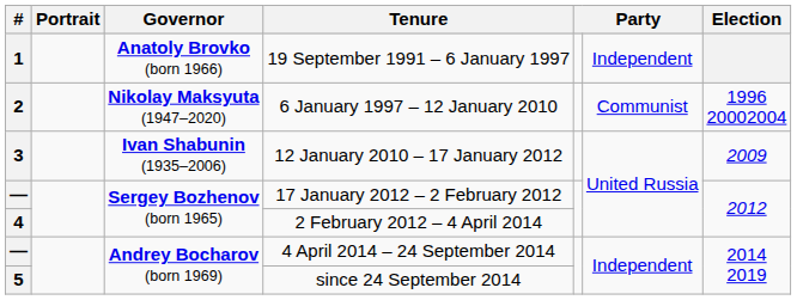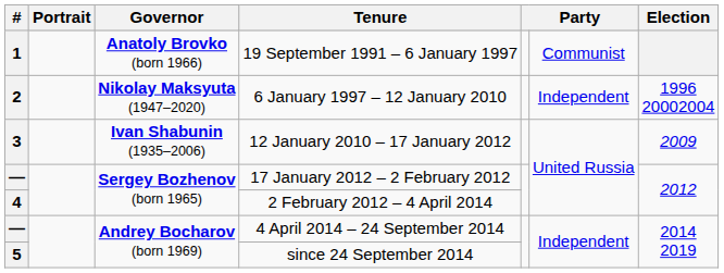 <table class="wikitable" style="text-align:center">
 <tr style="background:#cccccc" bgcolor=#E6E6AA>
 <th>#</th>
 <th>Portrait</th>
 <th>Governor</th>
 <th>Tenure</th>
 <th colspan=2>Party</th>
 <th>Election</th>
 </tr>
 <tr>
 <th>1</th>
 <td></td>
 <td><strong><a href='#'>Anatoly Brovko</a></strong><br><small>(born 1966)</small></td>
 <td>19 September 1991 – 6 January 1997</td>
 <td style="background:"></td>
-<td><a href='#'>Independent</a></td>
+<td><a href='#'>Communist</a></td>
 <th></th>
 </tr>
 <tr>
 <th>2</th>
 <td></td>
 <td><strong><a href='#'>Nikolay Maksyuta</a></strong><br><small>(1947–2020)</small></td>
 <td>6 January 1997 – 12 January 2010</td>
 <td style="background:"></td>
-<td><a href='#'>Communist</a></td>
+<td><a href='#'>Independent</a></td>
 <td><a href='#'>1996</a><br><a href='#'>2000</a><a href='#'>2004</a></td>
 </tr>
 <tr>
 <th>3</th>
 <td></td>
 <td><strong><a href='#'>Ivan Shabunin</a></strong><br><small>(1935–2006)</small></td>
 <td>12 January 2010 – 17 January 2012</td>
 <td style="background:"></td>
 <td rowspan=3><a href='#'>United Russia</a></td>
 <td><em><a href='#'>2009</a></em></td>
 </tr>
 <tr>
 <th>—</th>
 <td rowspan=2></td>
 <td rowspan=2><strong><a href='#'>Sergey Bozhenov</a></strong><br><small>(born 1965)</small></td>
 <td>17 January 2012 – 2 February 2012</td>
 <td rowspan=2; style="background:"></td>
 <td rowspan=2><em><a href='#'>2012</a></em></td>
 </tr>
 <tr>
 <th>4</th>
 <td>2 February 2012 – 4 April 2014</td>
 </tr>
 <tr>
 <th>—</th>
 <td rowspan=2></td>
 <td rowspan=2><strong><a href='#'>Andrey Bocharov</a></strong><br><small>(born 1969)</small></td>
 <td>4 April 2014 – 24 September 2014</td>
 <td rowspan=2; style="background:"></td>
 <td rowspan=2><a href='#'>Independent</a></td>
 <td rowspan=2><a href='#'>2014</a><br><a href='#'>2019</a></td>
 </tr>
 <tr>
 <th>5</th>
 <td>since 24 September 2014</td>
 </tr>
 </table>
